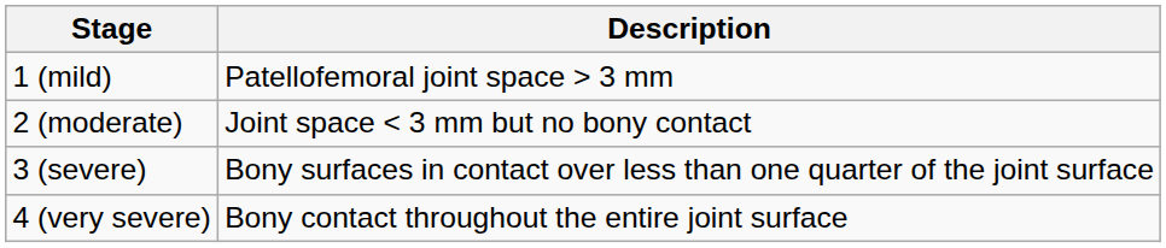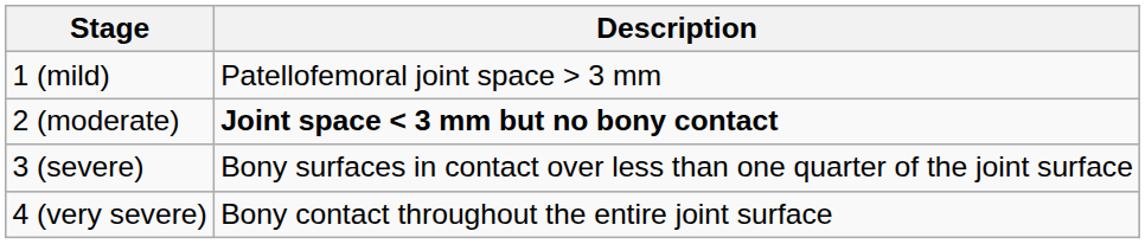 <table class="wikitable">
 <tr>
 <th>Stage</th>
 <th>Description</th>
 </tr>
 <tr>
 <td>1 (mild)</td>
 <td>Patellofemoral joint space > 3 mm</td>
 </tr>
 <tr>
 <td>2 (moderate)</td>
-<td>Joint space < 3 mm but no bony contact</td>
+<td><strong>Joint space < 3 mm but no bony contact</strong></td>
 </tr>
 <tr>
 <td>3 (severe)</td>
 <td>Bony surfaces in contact over less than one quarter of the joint surface</td>
 </tr>
 <tr>
 <td>4 (very severe)</td>
 <td>Bony contact throughout the entire joint surface</td>
 </tr>
 </table>
